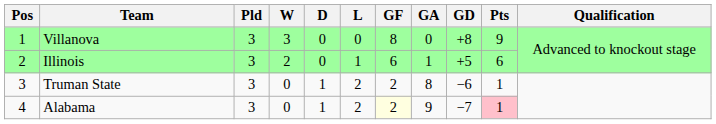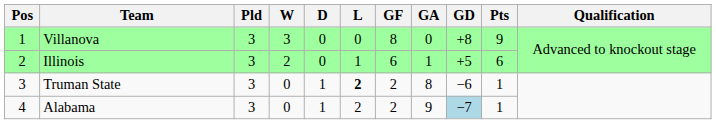 <table class="wikitable" style="text-align:center; margin: 1em auto">
 <tr>
 <th style="width:2em">Pos</th>
 <th style="width:13em">Team</th>
 <th style="width:2em">Pld</th>
 <th style="width:2em">W</th>
 <th style="width:2em">D</th>
 <th style="width:2em">L</th>
 <th style="width:2em">GF</th>
 <th style="width:2em">GA</th>
 <th style="width:2em">GD</th>
 <th style="width:2em">Pts</th>
 <th style="width:13em">Qualification</th>
 </tr>
 <tr bgcolor="#9eff9e">
 <td>1</td>
 <td style="text-align:left">Villanova</td>
 <td>3</td>
 <td>3</td>
 <td>0</td>
 <td>0</td>
 <td>8</td>
 <td>0</td>
 <td>+8</td>
 <td>9</td>
 <td rowspan="2">Advanced to knockout stage</td>
 </tr>
 <tr bgcolor="#9eff9e">
 <td>2</td>
 <td style="text-align:left">Illinois</td>
 <td>3</td>
 <td>2</td>
 <td>0</td>
 <td>1</td>
 <td>6</td>
 <td>1</td>
 <td>+5</td>
 <td>6</td>
 </tr>
 <tr>
 <td>3</td>
 <td style="text-align:left">Truman State</td>
 <td>3</td>
 <td>0</td>
 <td>1</td>
-<td>2</td>
+<td><strong>2</strong></td>
 <td>2</td>
 <td>8</td>
 <td>−6</td>
 <td>1</td>
 <td rowspan="2"></td>
 </tr>
 <tr>
 <td>4</td>
 <td style="text-align:left">Alabama</td>
 <td>3</td>
 <td>0</td>
 <td>1</td>
 <td>2</td>
-<td style="background: lightyellow;">2</td>
+<td>2</td>
 <td>9</td>
-<td>−7</td>
-<td style="background: pink;">1</td>
+<td style="background: lightblue;">−7</td>
+<td>1</td>
 </tr>
 </table>
